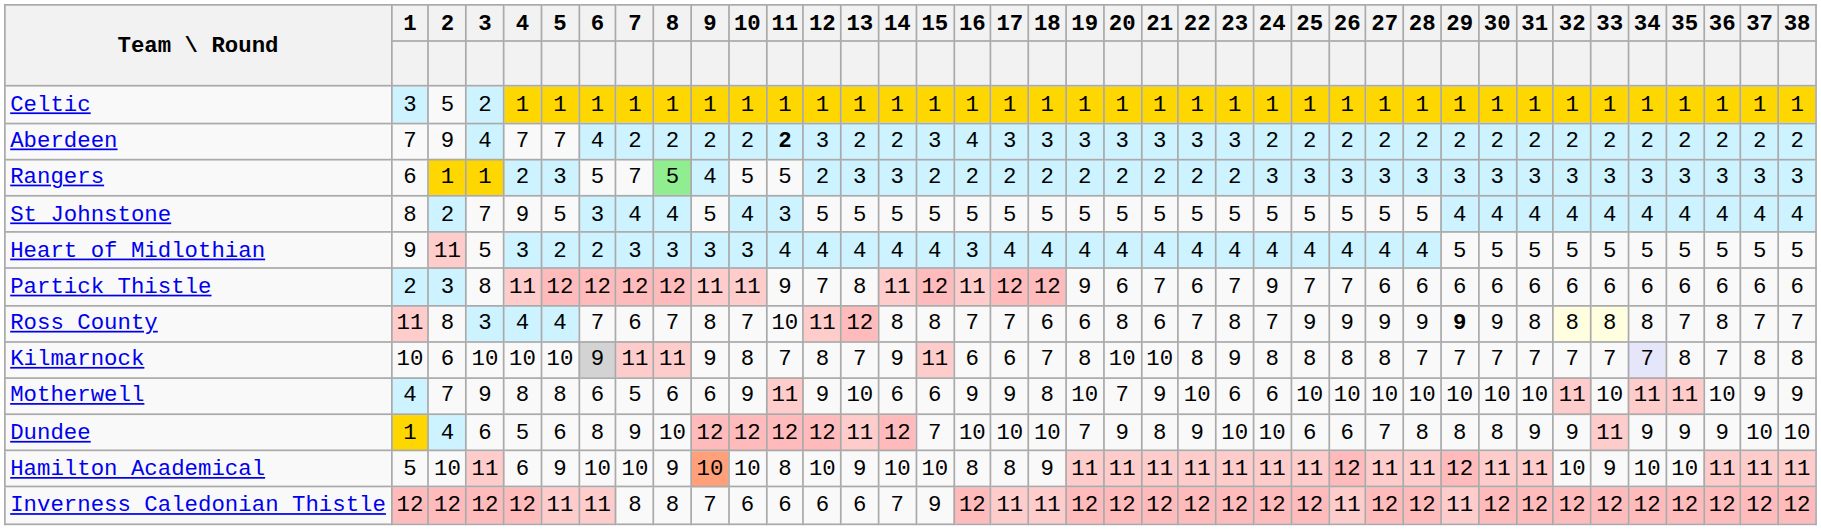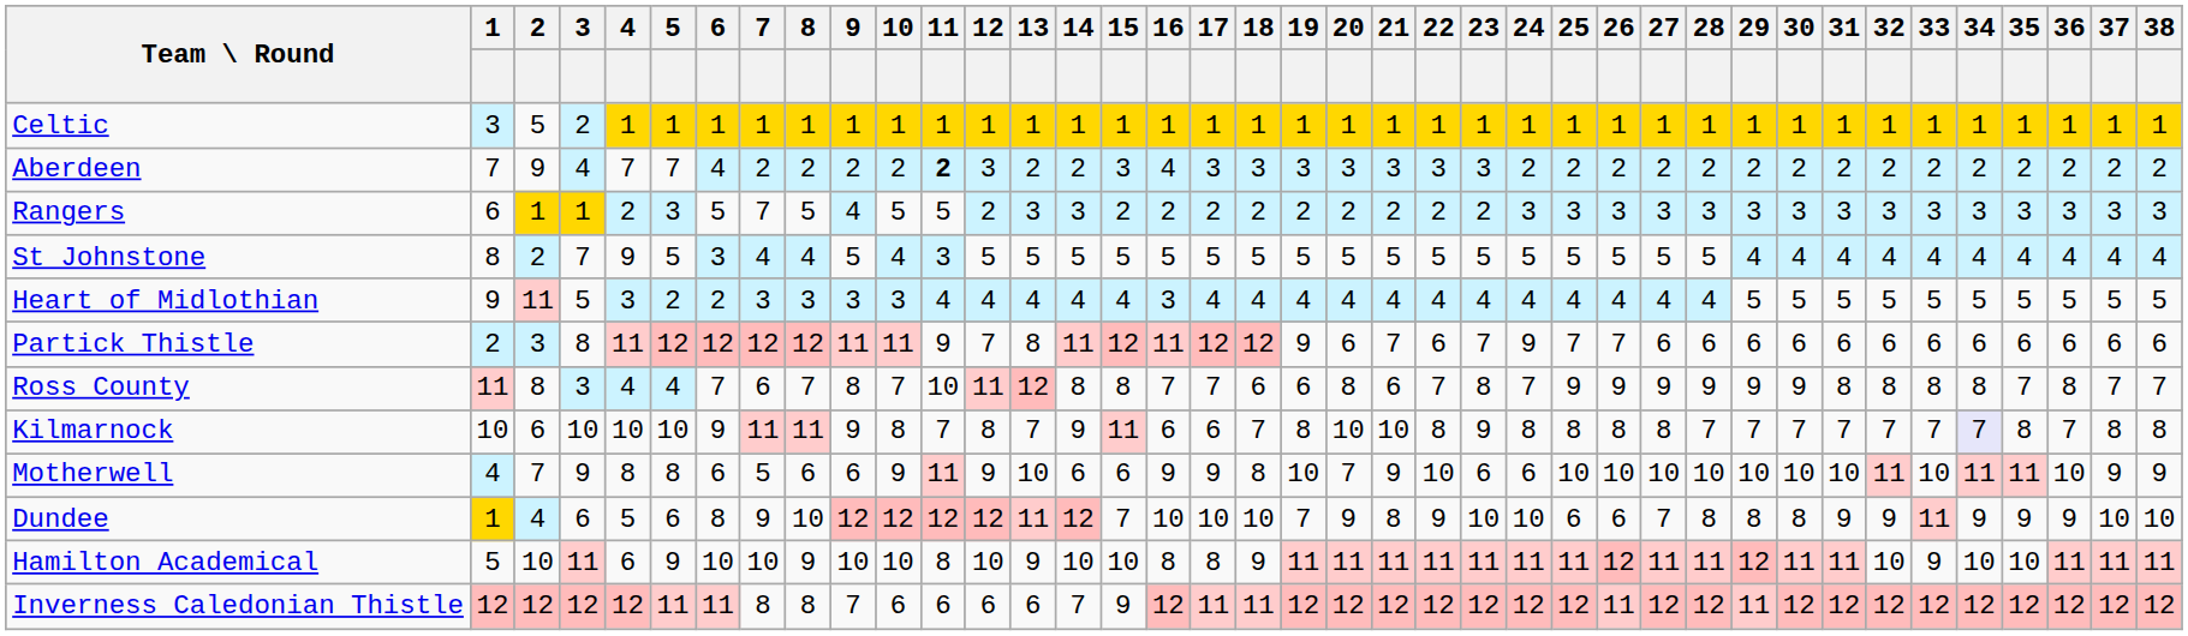 <table class="wikitable sortable" style="font-size: 100%; text-align:center;">
 <tr>
 <th rowspan="2">Team \ Round</th>
 <th align=center>1</th>
 <th align=center>2</th>
 <th align=center>3</th>
 <th align=center>4</th>
 <th align=center>5</th>
 <th align=center>6</th>
 <th align=center>7</th>
 <th align=center>8</th>
 <th align=center>9</th>
 <th align=center>10</th>
 <th align=center>11</th>
 <th align=center>12</th>
 <th align=center>13</th>
 <th align=center>14</th>
 <th align=center>15</th>
 <th align=center>16</th>
 <th align=center>17</th>
 <th align=center>18</th>
 <th align=center>19</th>
 <th align=center>20</th>
 <th align=center>21</th>
 <th align=center>22</th>
 <th align=center>23</th>
 <th align=center>24</th>
 <th align=center>25</th>
 <th align=center>26</th>
 <th align=center>27</th>
 <th align=center>28</th>
 <th align=center>29</th>
 <th align=center>30</th>
 <th align=center>31</th>
 <th align=center>32</th>
 <th align=center>33</th>
 <th align=center>34</th>
 <th align=center>35</th>
 <th align=center>36</th>
 <th align=center>37</th>
 <th align=center>38</th>
 </tr>
 <tr>
 <th style="text-align:center; height:20px;"></th>
 <th align=center></th>
 <th align=center></th>
 <th align=center></th>
 <th align=center></th>
 <th align=center></th>
 <th align=center></th>
 <th align=center></th>
 <th align=center></th>
 <th align=center></th>
 <th align=center></th>
 <th align=center></th>
 <th align=center></th>
 <th align=center></th>
 <th align=center></th>
 <th align=center></th>
 <th align=center></th>
 <th align=center></th>
 <th align=center></th>
 <th align=center></th>
 <th align=center></th>
 <th align=center></th>
 <th align=center></th>
 <th align=center></th>
 <th align=center></th>
 <th align=center></th>
 <th align=center></th>
 <th align=center></th>
 <th align=center></th>
 <th align=center></th>
 <th align=center></th>
 <th align=center></th>
 <th align=center></th>
 <th align=center></th>
 <th align=center></th>
 <th align=center></th>
 <th align=center></th>
 <th align=center></th>
 </tr>
 <tr align=center>
 <td align=left><a href='#'>Celtic</a></td>
 <td style="background:#CCF3FF">3</td>
 <td>5</td>
 <td style="background:#CCF3FF">2</td>
 <td style="background:gold">1</td>
 <td style="background:gold">1</td>
 <td style="background:gold">1</td>
 <td style="background:gold">1</td>
 <td style="background:gold">1</td>
 <td style="background:gold">1</td>
 <td style="background:gold">1</td>
 <td style="background:gold">1</td>
 <td style="background:gold">1</td>
 <td style="background:gold">1</td>
 <td style="background:gold">1</td>
 <td style="background:gold">1</td>
 <td style="background:gold">1</td>
 <td style="background:gold">1</td>
 <td style="background:gold">1</td>
 <td style="background:gold">1</td>
 <td style="background:gold">1</td>
 <td style="background:gold">1</td>
 <td style="background:gold">1</td>
 <td style="background:gold">1</td>
 <td style="background:gold">1</td>
 <td style="background:gold">1</td>
 <td style="background:gold">1</td>
 <td style="background:gold">1</td>
 <td style="background:gold">1</td>
 <td style="background:gold">1</td>
 <td style="background:gold">1</td>
 <td style="background:gold">1</td>
 <td style="background:gold">1</td>
 <td style="background:gold">1</td>
 <td style="background:gold">1</td>
 <td style="background:gold">1</td>
 <td style="background:gold">1</td>
 <td style="background:gold">1</td>
 <td style="background:gold">1</td>
 </tr>
 <tr align=center>
 <td align=left><a href='#'>Aberdeen</a></td>
 <td>7</td>
 <td>9</td>
 <td style="background:#CCF3FF">4</td>
 <td>7</td>
 <td>7</td>
 <td style="background:#CCF3FF">4</td>
 <td style="background:#CCF3FF">2</td>
 <td style="background:#CCF3FF">2</td>
 <td style="background:#CCF3FF">2</td>
 <td style="background:#CCF3FF">2</td>
 <td style="background:#CCF3FF"><strong>2</strong></td>
 <td style="background:#CCF3FF">3</td>
 <td style="background:#CCF3FF">2</td>
 <td style="background:#CCF3FF">2</td>
 <td style="background:#CCF3FF">3</td>
 <td style="background:#CCF3FF">4</td>
 <td style="background:#CCF3FF">3</td>
 <td style="background:#CCF3FF">3</td>
 <td style="background:#CCF3FF">3</td>
 <td style="background:#CCF3FF">3</td>
 <td style="background:#CCF3FF">3</td>
 <td style="background:#CCF3FF">3</td>
 <td style="background:#CCF3FF">3</td>
 <td style="background:#CCF3FF">2</td>
 <td style="background:#CCF3FF">2</td>
 <td style="background:#CCF3FF">2</td>
 <td style="background:#CCF3FF">2</td>
 <td style="background:#CCF3FF">2</td>
 <td style="background:#CCF3FF">2</td>
 <td style="background:#CCF3FF">2</td>
 <td style="background:#CCF3FF">2</td>
 <td style="background:#CCF3FF">2</td>
 <td style="background:#CCF3FF">2</td>
 <td style="background:#CCF3FF">2</td>
 <td style="background:#CCF3FF">2</td>
 <td style="background:#CCF3FF">2</td>
 <td style="background:#CCF3FF">2</td>
 <td style="background:#CCF3FF">2</td>
 </tr>
 <tr align=center>
 <td align=left><a href='#'>Rangers</a></td>
 <td>6</td>
 <td style="background:gold">1</td>
 <td style="background:gold">1</td>
 <td style="background:#CCF3FF">2</td>
 <td style="background:#CCF3FF">3</td>
 <td>5</td>
 <td>7</td>
-<td style="background: lightgreen;">5</td>
+<td>5</td>
 <td style="background:#CCF3FF">4</td>
 <td>5</td>
 <td>5</td>
 <td style="background:#CCF3FF">2</td>
 <td style="background:#CCF3FF">3</td>
 <td style="background:#CCF3FF">3</td>
 <td style="background:#CCF3FF">2</td>
 <td style="background:#CCF3FF">2</td>
 <td style="background:#CCF3FF">2</td>
 <td style="background:#CCF3FF">2</td>
 <td style="background:#CCF3FF">2</td>
 <td style="background:#CCF3FF">2</td>
 <td style="background:#CCF3FF">2</td>
 <td style="background:#CCF3FF">2</td>
 <td style="background:#CCF3FF">2</td>
 <td style="background:#CCF3FF">3</td>
 <td style="background:#CCF3FF">3</td>
 <td style="background:#CCF3FF">3</td>
 <td style="background:#CCF3FF">3</td>
 <td style="background:#CCF3FF">3</td>
 <td style="background:#CCF3FF">3</td>
 <td style="background:#CCF3FF">3</td>
 <td style="background:#CCF3FF">3</td>
 <td style="background:#CCF3FF">3</td>
 <td style="background:#CCF3FF">3</td>
 <td style="background:#CCF3FF">3</td>
 <td style="background:#CCF3FF">3</td>
 <td style="background:#CCF3FF">3</td>
 <td style="background:#CCF3FF">3</td>
 <td style="background:#CCF3FF">3</td>
 </tr>
 <tr align=center>
 <td align=left><a href='#'>St Johnstone</a></td>
 <td>8</td>
 <td style="background:#CCF3FF">2</td>
 <td>7</td>
 <td>9</td>
 <td>5</td>
 <td style="background:#CCF3FF">3</td>
 <td style="background:#CCF3FF">4</td>
 <td style="background:#CCF3FF">4</td>
 <td>5</td>
 <td style="background:#CCF3FF">4</td>
 <td style="background:#CCF3FF">3</td>
 <td>5</td>
 <td>5</td>
 <td>5</td>
 <td>5</td>
 <td>5</td>
 <td>5</td>
 <td>5</td>
 <td>5</td>
 <td>5</td>
 <td>5</td>
 <td>5</td>
 <td>5</td>
 <td>5</td>
 <td>5</td>
 <td>5</td>
 <td>5</td>
 <td>5</td>
 <td style="background:#CCF3FF">4</td>
 <td style="background:#CCF3FF">4</td>
 <td style="background:#CCF3FF">4</td>
 <td style="background:#CCF3FF">4</td>
 <td style="background:#CCF3FF">4</td>
 <td style="background:#CCF3FF">4</td>
 <td style="background:#CCF3FF">4</td>
 <td style="background:#CCF3FF">4</td>
 <td style="background:#CCF3FF">4</td>
 <td style="background:#CCF3FF">4</td>
 </tr>
 <tr align=center>
 <td align=left><a href='#'>Heart of Midlothian</a></td>
 <td>9</td>
 <td style="background:#FFCCCC">11</td>
 <td>5</td>
 <td style="background:#CCF3FF">3</td>
 <td style="background:#CCF3FF">2</td>
 <td style="background:#CCF3FF">2</td>
 <td style="background:#CCF3FF">3</td>
 <td style="background:#CCF3FF">3</td>
 <td style="background:#CCF3FF">3</td>
 <td style="background:#CCF3FF">3</td>
 <td style="background:#CCF3FF">4</td>
 <td style="background:#CCF3FF">4</td>
 <td style="background:#CCF3FF">4</td>
 <td style="background:#CCF3FF">4</td>
 <td style="background:#CCF3FF">4</td>
 <td style="background:#CCF3FF">3</td>
 <td style="background:#CCF3FF">4</td>
 <td style="background:#CCF3FF">4</td>
 <td style="background:#CCF3FF">4</td>
 <td style="background:#CCF3FF">4</td>
 <td style="background:#CCF3FF">4</td>
 <td style="background:#CCF3FF">4</td>
 <td style="background:#CCF3FF">4</td>
 <td style="background:#CCF3FF">4</td>
 <td style="background:#CCF3FF">4</td>
 <td style="background:#CCF3FF">4</td>
 <td style="background:#CCF3FF">4</td>
 <td style="background:#CCF3FF">4</td>
 <td>5</td>
 <td>5</td>
 <td>5</td>
 <td>5</td>
 <td>5</td>
 <td>5</td>
 <td>5</td>
 <td>5</td>
 <td>5</td>
 <td>5</td>
 </tr>
 <tr align=center>
 <td align=left><a href='#'>Partick Thistle</a></td>
 <td style="background:#CCF3FF">2</td>
 <td style="background:#CCF3FF">3</td>
 <td>8</td>
 <td style="background:#FFCCCC">11</td>
 <td style="background:#FFBBBB">12</td>
 <td style="background:#FFBBBB">12</td>
 <td style="background:#FFBBBB">12</td>
 <td style="background:#FFBBBB">12</td>
 <td style="background:#FFCCCC">11</td>
 <td style="background:#FFCCCC">11</td>
 <td>9</td>
 <td>7</td>
 <td>8</td>
 <td style="background:#FFCCCC">11</td>
 <td style="background:#FFBBBB">12</td>
 <td style="background:#FFCCCC">11</td>
 <td style="background:#FFBBBB">12</td>
 <td style="background:#FFBBBB">12</td>
 <td>9</td>
 <td>6</td>
 <td>7</td>
 <td>6</td>
 <td>7</td>
 <td>9</td>
 <td>7</td>
 <td>7</td>
 <td>6</td>
 <td>6</td>
 <td>6</td>
 <td>6</td>
 <td>6</td>
 <td>6</td>
 <td>6</td>
 <td>6</td>
 <td>6</td>
 <td>6</td>
 <td>6</td>
 <td>6</td>
 </tr>
 <tr align=center>
 <td align=left><a href='#'>Ross County</a></td>
 <td style="background:#FFCCCC">11</td>
 <td>8</td>
 <td style="background:#CCF3FF">3</td>
 <td style="background:#CCF3FF">4</td>
 <td style="background:#CCF3FF">4</td>
 <td>7</td>
 <td>6</td>
 <td>7</td>
 <td>8</td>
 <td>7</td>
 <td>10</td>
 <td style="background:#FFCCCC">11</td>
 <td style="background:#FFBBBB">12</td>
 <td>8</td>
 <td>8</td>
 <td>7</td>
 <td>7</td>
 <td>6</td>
 <td>6</td>
 <td>8</td>
 <td>6</td>
 <td>7</td>
 <td>8</td>
 <td>7</td>
 <td>9</td>
 <td>9</td>
 <td>9</td>
 <td>9</td>
-<td><strong>9</strong></td>
+<td>9</td>
 <td>9</td>
 <td>8</td>
-<td style="background: lightyellow;">8</td>
-<td style="background: lightyellow;">8</td>
+<td>8</td>
+<td>8</td>
 <td>8</td>
 <td>7</td>
 <td>8</td>
 <td>7</td>
 <td>7</td>
 </tr>
 <tr align=center>
 <td align=left><a href='#'>Kilmarnock</a></td>
 <td>10</td>
 <td>6</td>
 <td>10</td>
 <td>10</td>
 <td>10</td>
-<td style="background: lightgrey;">9</td>
+<td>9</td>
 <td style="background:#FFCCCC">11</td>
 <td style="background:#FFCCCC">11</td>
 <td>9</td>
 <td>8</td>
 <td>7</td>
 <td>8</td>
 <td>7</td>
 <td>9</td>
 <td style="background:#FFCCCC">11</td>
 <td>6</td>
 <td>6</td>
 <td>7</td>
 <td>8</td>
 <td>10</td>
 <td>10</td>
 <td>8</td>
 <td>9</td>
 <td>8</td>
 <td>8</td>
 <td>8</td>
 <td>8</td>
 <td>7</td>
 <td>7</td>
 <td>7</td>
 <td>7</td>
 <td>7</td>
 <td>7</td>
 <td style="background: lavender;">7</td>
 <td>8</td>
 <td>7</td>
 <td>8</td>
 <td>8</td>
 </tr>
 <tr align=center>
 <td align=left><a href='#'>Motherwell</a></td>
 <td style="background:#CCF3FF">4</td>
 <td>7</td>
 <td>9</td>
 <td>8</td>
 <td>8</td>
 <td>6</td>
 <td>5</td>
 <td>6</td>
 <td>6</td>
 <td>9</td>
 <td style="background:#FFCCCC">11</td>
 <td>9</td>
 <td>10</td>
 <td>6</td>
 <td>6</td>
 <td>9</td>
 <td>9</td>
 <td>8</td>
 <td>10</td>
 <td>7</td>
 <td>9</td>
 <td>10</td>
 <td>6</td>
 <td>6</td>
 <td>10</td>
 <td>10</td>
 <td>10</td>
 <td>10</td>
 <td>10</td>
 <td>10</td>
 <td>10</td>
 <td style="background:#FFCCCC">11</td>
 <td>10</td>
 <td style="background:#FFCCCC">11</td>
 <td style="background:#FFCCCC">11</td>
 <td>10</td>
 <td>9</td>
 <td>9</td>
 </tr>
 <tr align=center>
 <td align=left><a href='#'>Dundee</a></td>
 <td style="background:gold">1</td>
 <td style="background:#CCF3FF">4</td>
 <td>6</td>
 <td>5</td>
 <td>6</td>
 <td>8</td>
 <td>9</td>
 <td>10</td>
 <td style="background:#FFBBBB">12</td>
 <td style="background:#FFBBBB">12</td>
 <td style="background:#FFBBBB">12</td>
 <td style="background:#FFBBBB">12</td>
 <td style="background:#FFCCCC">11</td>
 <td style="background:#FFBBBB">12</td>
 <td>7</td>
 <td>10</td>
 <td>10</td>
 <td>10</td>
 <td>7</td>
 <td>9</td>
 <td>8</td>
 <td>9</td>
 <td>10</td>
 <td>10</td>
 <td>6</td>
 <td>6</td>
 <td>7</td>
 <td>8</td>
 <td>8</td>
 <td>8</td>
 <td>9</td>
 <td>9</td>
 <td style="background:#FFCCCC">11</td>
 <td>9</td>
 <td>9</td>
 <td>9</td>
 <td>10</td>
 <td>10</td>
 </tr>
 <tr align=center>
 <td align=left><a href='#'>Hamilton Academical</a></td>
 <td>5</td>
 <td>10</td>
 <td style="background:#FFCCCC">11</td>
 <td>6</td>
 <td>9</td>
 <td>10</td>
 <td>10</td>
 <td>9</td>
-<td style="background: lightsalmon;">10</td>
+<td>10</td>
 <td>10</td>
 <td>8</td>
 <td>10</td>
 <td>9</td>
 <td>10</td>
 <td>10</td>
 <td>8</td>
 <td>8</td>
 <td>9</td>
 <td style="background:#FFCCCC">11</td>
 <td style="background:#FFCCCC">11</td>
 <td style="background:#FFCCCC">11</td>
 <td style="background:#FFCCCC">11</td>
 <td style="background:#FFCCCC">11</td>
 <td style="background:#FFCCCC">11</td>
 <td style="background:#FFCCCC">11</td>
 <td style="background:#FFBBBB">12</td>
 <td style="background:#FFCCCC">11</td>
 <td style="background:#FFCCCC">11</td>
 <td style="background:#FFBBBB">12</td>
 <td style="background:#FFCCCC">11</td>
 <td style="background:#FFCCCC">11</td>
 <td>10</td>
 <td>9</td>
 <td>10</td>
 <td>10</td>
 <td style="background:#FFCCCC">11</td>
 <td style="background:#FFCCCC">11</td>
 <td style="background:#FFCCCC">11</td>
 </tr>
 <tr align=center>
 <td align=left><a href='#'>Inverness Caledonian Thistle</a></td>
 <td style="background:#FFBBBB">12</td>
 <td style="background:#FFBBBB">12</td>
 <td style="background:#FFBBBB">12</td>
 <td style="background:#FFBBBB">12</td>
 <td style="background:#FFCCCC">11</td>
 <td style="background:#FFCCCC">11</td>
 <td>8</td>
 <td>8</td>
 <td>7</td>
 <td>6</td>
 <td>6</td>
 <td>6</td>
 <td>6</td>
 <td>7</td>
 <td>9</td>
 <td style="background:#FFBBBB">12</td>
 <td style="background:#FFCCCC">11</td>
 <td style="background:#FFCCCC">11</td>
 <td style="background:#FFBBBB">12</td>
 <td style="background:#FFBBBB">12</td>
 <td style="background:#FFBBBB">12</td>
 <td style="background:#FFBBBB">12</td>
 <td style="background:#FFBBBB">12</td>
 <td style="background:#FFBBBB">12</td>
 <td style="background:#FFBBBB">12</td>
 <td style="background:#FFCCCC">11</td>
 <td style="background:#FFBBBB">12</td>
 <td style="background:#FFBBBB">12</td>
 <td style="background:#FFCCCC">11</td>
 <td style="background:#FFBBBB">12</td>
 <td style="background:#FFBBBB">12</td>
 <td style="background:#FFBBBB">12</td>
 <td style="background:#FFBBBB">12</td>
 <td style="background:#FFBBBB">12</td>
 <td style="background:#FFBBBB">12</td>
 <td style="background:#FFBBBB">12</td>
 <td style="background:#FFBBBB">12</td>
 <td style="background:#FFBBBB">12</td>
 </tr>
 </table>
